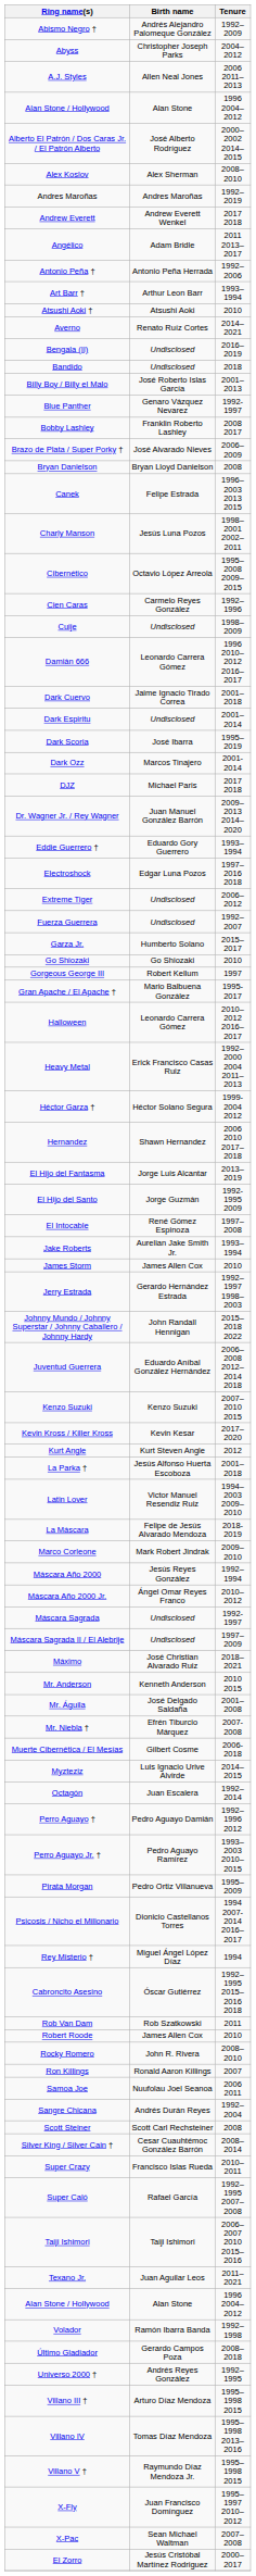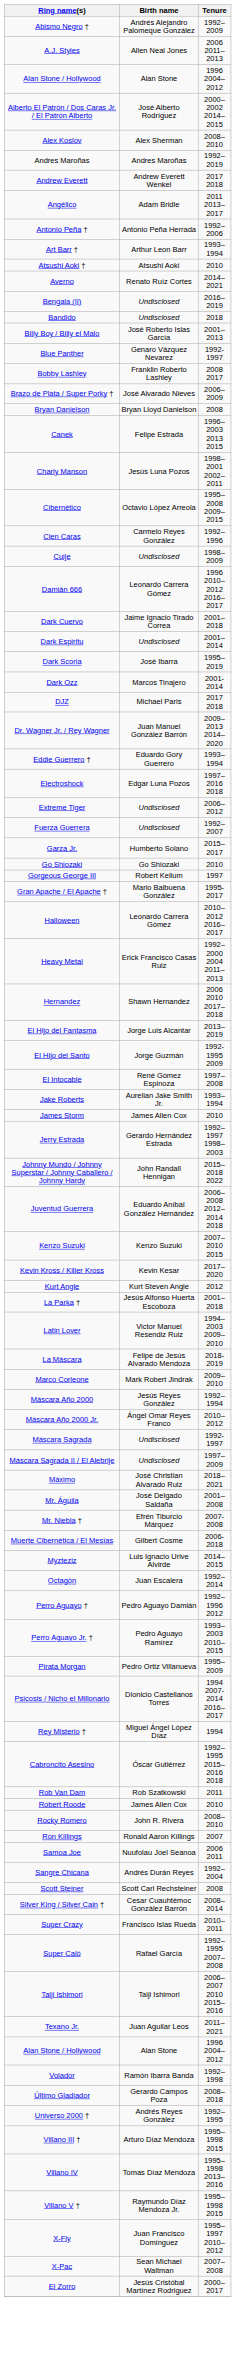 <table class="sortable wikitable" style="font-size:90%; text-align:center; width:70%;">
 <tr>
 <th><a href='#'>Ring name</a>(s)</th>
 <th>Birth name</th>
 <th>Tenure</th>
 </tr>
 <tr>
 <td><a href='#'>Abismo Negro</a> †</td>
 <td>Andrés Alejandro Palomeque González</td>
 <td>1992–2009</td>
-</tr>
-<tr>
-<td><a href='#'>Abyss</a></td>
-<td>Christopher Joseph Parks</td>
-<td>2004–2012</td>
 </tr>
 <tr>
 <td><a href='#'>A.J. Styles</a></td>
 <td>Allen Neal Jones</td>
 <td>2006<br>2011–2013</td>
 </tr>
 <tr>
 <td><a href='#'>Alan Stone / Hollywood</a></td>
 <td>Alan Stone</td>
 <td>1996<br>2004–2012</td>
 </tr>
 <tr>
 <td><a href='#'>Alberto El Patrón / Dos Caras Jr. / El Patrón Alberto</a></td>
 <td>José Alberto Rodríguez</td>
 <td>2000–2002<br>2014–2015</td>
 </tr>
 <tr>
 <td><a href='#'>Alex Koslov</a></td>
 <td>Alex Sherman</td>
 <td>2008–2010</td>
 </tr>
 <tr>
 <td>Andres Maroñas</td>
 <td>Andres Maroñas</td>
 <td>1992–2019</td>
 </tr>
 <tr>
 <td><a href='#'>Andrew Everett</a></td>
 <td>Andrew Everett Wenkel</td>
 <td>2017<br>2018</td>
 </tr>
 <tr>
 <td><a href='#'>Angélico</a></td>
 <td>Adam Bridle</td>
 <td>2011<br>2013–2017</td>
 </tr>
 <tr>
 <td><a href='#'>Antonio Peña</a> †</td>
 <td>Antonio Peña Herrada</td>
 <td>1992–2006</td>
 </tr>
 <tr>
 <td><a href='#'>Art Barr</a> †</td>
 <td>Arthur Leon Barr</td>
 <td>1993–1994</td>
 </tr>
 <tr>
 <td><a href='#'>Atsushi Aoki</a> †</td>
 <td>Atsushi Aoki</td>
 <td>2010</td>
 </tr>
 <tr>
 <td><a href='#'>Averno</a></td>
 <td>Renato Ruíz Cortes</td>
 <td>2014–2021</td>
 </tr>
 <tr>
 <td><a href='#'>Bengala (II)</a></td>
 <td><em>Undisclosed</em></td>
 <td>2016–2019</td>
 </tr>
 <tr>
 <td><a href='#'>Bandido</a></td>
 <td><em>Undisclosed</em></td>
 <td>2018</td>
 </tr>
 <tr>
 <td><a href='#'>Billy Boy / Billy el Malo</a></td>
 <td>José Roberto Islas García</td>
 <td>2001–2013</td>
 </tr>
 <tr>
 <td><a href='#'>Blue Panther</a></td>
 <td>Genaro Vázquez Nevarez</td>
 <td>1992-1997</td>
 </tr>
 <tr>
 <td><a href='#'>Bobby Lashley</a></td>
 <td>Franklin Roberto Lashley</td>
 <td>2008<br>2017</td>
 </tr>
 <tr>
 <td><a href='#'>Brazo de Plata / Super Porky</a> †</td>
 <td>José Alvarado Nieves</td>
 <td>2006–2009</td>
 </tr>
 <tr>
 <td><a href='#'>Bryan Danielson</a></td>
 <td>Bryan Lloyd Danielson</td>
 <td>2008</td>
 </tr>
 <tr>
 <td><a href='#'>Canek</a></td>
 <td>Felipe Estrada</td>
 <td>1996–2003<br>2013<br>2015</td>
 </tr>
 <tr>
 <td><a href='#'>Charly Manson</a></td>
 <td>Jesús Luna Pozos</td>
 <td>1998–2001<br>2002–2011</td>
 </tr>
 <tr>
 <td><a href='#'>Cibernético</a></td>
 <td>Octavio López Arreola</td>
 <td>1995–2008<br>2009–2015</td>
 </tr>
 <tr>
 <td><a href='#'>Cien Caras</a></td>
 <td>Carmelo Reyes González</td>
 <td>1992–1996</td>
 </tr>
 <tr>
 <td><a href='#'>Cuije</a></td>
 <td><em>Undisclosed</em></td>
 <td>1998–2009</td>
 </tr>
 <tr>
 <td><a href='#'>Damián 666</a></td>
 <td>Leonardo Carrera Gómez</td>
 <td>1996<br>2010–2012<br>2016–2017</td>
 </tr>
 <tr>
 <td><a href='#'>Dark Cuervo</a></td>
 <td>Jaime Ignacio Tirado Correa</td>
 <td>2001–2018</td>
 </tr>
 <tr>
 <td><a href='#'>Dark Espiritu</a></td>
 <td><em>Undisclosed</em></td>
 <td>2001–2014</td>
 </tr>
 <tr>
 <td><a href='#'>Dark Scoria</a></td>
 <td>José Ibarra</td>
 <td>1995–2019</td>
 </tr>
 <tr>
 <td><a href='#'>Dark Ozz</a></td>
 <td>Marcos Tinajero</td>
 <td>2001-2014</td>
 </tr>
 <tr>
 <td><a href='#'>DJZ</a></td>
 <td>Michael Paris</td>
 <td>2017<br>2018</td>
 </tr>
 <tr>
 <td><a href='#'>Dr. Wagner Jr. / Rey Wagner</a></td>
 <td>Juan Manuel González Barrón</td>
 <td>2009–2013<br>2014–2020</td>
 </tr>
 <tr>
 <td><a href='#'>Eddie Guerrero</a> †</td>
 <td>Eduardo Gory Guerrero</td>
 <td>1993–1994</td>
 </tr>
 <tr>
 <td><a href='#'>Electroshock</a></td>
 <td>Edgar Luna Pozos</td>
 <td>1997–2016<br>2018</td>
 </tr>
 <tr>
 <td><a href='#'>Extreme Tiger</a></td>
 <td><em>Undisclosed</em></td>
 <td>2006–2012</td>
 </tr>
 <tr>
 <td><a href='#'>Fuerza Guerrera</a></td>
 <td><em>Undisclosed</em></td>
 <td>1992–2007</td>
 </tr>
 <tr>
 <td><a href='#'>Garza Jr.</a></td>
 <td>Humberto Solano</td>
 <td>2015–2017</td>
 </tr>
 <tr>
 <td><a href='#'>Go Shiozaki</a></td>
 <td>Go Shiozaki</td>
 <td>2010</td>
 </tr>
 <tr>
 <td><a href='#'>Gorgeous George III</a></td>
 <td>Robert Kellum</td>
 <td>1997</td>
 </tr>
 <tr>
 <td><a href='#'>Gran Apache / El Apache</a> †</td>
 <td>Mario Balbuena González</td>
 <td>1995-2017</td>
 </tr>
 <tr>
 <td><a href='#'>Halloween</a></td>
 <td>Leonardo Carrera Gómez</td>
 <td>2010–2012<br>2016–2017</td>
 </tr>
 <tr>
 <td><a href='#'>Heavy Metal</a></td>
 <td>Erick Francisco Casas Ruiz</td>
 <td>1992–2000<br>2004<br>2011–2013</td>
 </tr>
 <tr>
-<td><a href='#'>Héctor Garza</a> †</td>
-<td>Héctor Solano Segura</td>
-<td>1999-2004<br>2012</td>
-</tr>
-<tr>
 <td><a href='#'>Hernandez</a></td>
 <td>Shawn Hernandez</td>
 <td>2006<br>2010<br>2017–2018</td>
 </tr>
 <tr>
 <td><a href='#'>El Hijo del Fantasma</a></td>
 <td>Jorge Luis Alcantar</td>
 <td>2013–2019</td>
 </tr>
 <tr>
 <td><a href='#'>El Hijo del Santo</a></td>
 <td>Jorge Guzmán</td>
 <td>1992-1995<br>2009</td>
 </tr>
 <tr>
 <td><a href='#'>El Intocable</a></td>
 <td>René Gómez Espinoza</td>
 <td>1997–2008</td>
 </tr>
 <tr>
 <td><a href='#'>Jake Roberts</a></td>
 <td>Aurelian Jake Smith Jr.</td>
 <td>1993–1994</td>
 </tr>
 <tr>
 <td><a href='#'>James Storm</a></td>
 <td>James Allen Cox</td>
 <td>2010</td>
 </tr>
 <tr>
 <td><a href='#'>Jerry Estrada</a></td>
 <td>Gerardo Hernández Estrada</td>
 <td>1992–1997<br>1998–2003</td>
 </tr>
 <tr>
 <td><a href='#'>Johnny Mundo / Johnny Superstar / Johnny Caballero / Johnny Hardy</a></td>
 <td>John Randall Hennigan</td>
 <td>2015–2018<br>2022</td>
 </tr>
 <tr>
 <td><a href='#'>Juventud Guerrera</a></td>
 <td>Eduardo Aníbal González Hernández</td>
 <td>2006–2008<br>2012–2014<br>2018</td>
 </tr>
 <tr>
 <td><a href='#'>Kenzo Suzuki</a></td>
 <td>Kenzo Suzuki</td>
 <td>2007–2010<br>2015</td>
 </tr>
 <tr>
 <td><a href='#'>Kevin Kross / Killer Kross</a></td>
 <td>Kevin Kesar</td>
 <td>2017–2020</td>
 </tr>
 <tr>
 <td><a href='#'>Kurt Angle</a></td>
 <td>Kurt Steven Angle</td>
 <td>2012</td>
 </tr>
 <tr>
 <td><a href='#'>La Parka</a> †</td>
 <td>Jesús Alfonso Huerta Escoboza</td>
 <td>2001–2018</td>
 </tr>
 <tr>
 <td><a href='#'>Latin Lover</a></td>
 <td>Victor Manuel Resendiz Ruiz</td>
 <td>1994–2003<br>2009–2010</td>
 </tr>
 <tr>
 <td><a href='#'>La Máscara</a></td>
 <td>Felipe de Jesús Alvarado Mendoza</td>
 <td>2018-2019</td>
 </tr>
 <tr>
 <td><a href='#'>Marco Corleone</a></td>
 <td>Mark Robert Jindrak</td>
 <td>2009–2010</td>
 </tr>
 <tr>
 <td><a href='#'>Máscara Año 2000</a></td>
 <td>Jesús Reyes González</td>
 <td>1992–1994</td>
 </tr>
 <tr>
 <td><a href='#'>Máscara Año 2000 Jr.</a></td>
 <td>Ángel Omar Reyes Franco</td>
 <td>2010–2012</td>
 </tr>
 <tr>
 <td><a href='#'>Máscara Sagrada</a></td>
 <td><em>Undisclosed</em></td>
 <td>1992-1997</td>
 </tr>
 <tr>
 <td><a href='#'>Máscara Sagrada II / El Alebrije</a></td>
 <td><em>Undisclosed</em></td>
 <td>1997–2009</td>
 </tr>
 <tr>
 <td><a href='#'>Máximo</a></td>
 <td>José Christian Alvarado Ruiz</td>
 <td>2018–2021</td>
-</tr>
-<tr>
-<td><a href='#'>Mr. Anderson</a></td>
-<td>Kenneth Anderson</td>
-<td>2010<br>2015</td>
 </tr>
 <tr>
 <td><a href='#'>Mr. Águila</a></td>
 <td>José Delgado Saldaña</td>
 <td>2001–2008</td>
 </tr>
 <tr>
 <td><a href='#'>Mr. Niebla</a> †</td>
 <td>Efrén Tiburcio Márquez</td>
 <td>2007-2008</td>
 </tr>
 <tr>
 <td><a href='#'>Muerte Cibernética / El Mesías</a></td>
 <td>Gilbert Cosme</td>
 <td>2006-2018</td>
 </tr>
 <tr>
 <td><a href='#'>Myzteziz</a></td>
 <td>Luis Ignacio Urive Alvirde</td>
 <td>2014–2015</td>
 </tr>
 <tr>
 <td><a href='#'>Octagón</a></td>
 <td>Juan Escalera</td>
 <td>1992–2014</td>
 </tr>
 <tr>
 <td><a href='#'>Perro Aguayo</a> †</td>
 <td>Pedro Aguayo Damián</td>
 <td>1992–1996<br>2012</td>
 </tr>
 <tr>
 <td><a href='#'>Perro Aguayo Jr.</a> †</td>
 <td>Pedro Aguayo Ramírez</td>
 <td>1993–2003<br>2010–2015</td>
 </tr>
 <tr>
 <td><a href='#'>Pirata Morgan</a></td>
 <td>Pedro Ortiz Villanueva</td>
 <td>1995–2009</td>
 </tr>
 <tr>
 <td><a href='#'>Psicosis / Nicho el Millonario</a></td>
 <td>Dionicio Castellanos Torres</td>
 <td>1994<br>2007-2014<br>2016–2017</td>
 </tr>
 <tr>
 <td><a href='#'>Rey Misterio</a> †</td>
 <td>Miguel Ángel López Díaz</td>
 <td>1994</td>
 </tr>
 <tr>
 <td><a href='#'>Cabroncito Asesino</a></td>
 <td>Óscar Gutiérrez</td>
 <td>1992–1995<br>2015–2016<br>2018</td>
 </tr>
 <tr>
 <td><a href='#'>Rob Van Dam</a></td>
 <td>Rob Szatkowski</td>
 <td>2011</td>
 </tr>
 <tr>
 <td><a href='#'>Robert Roode</a></td>
 <td>James Allen Cox</td>
 <td>2010</td>
 </tr>
 <tr>
 <td><a href='#'>Rocky Romero</a></td>
 <td>John R. Rivera</td>
 <td>2008–2010</td>
 </tr>
 <tr>
 <td><a href='#'>Ron Killings</a></td>
 <td>Ronald Aaron Killings</td>
 <td>2007</td>
 </tr>
 <tr>
 <td><a href='#'>Samoa Joe</a></td>
 <td>Nuufolau Joel Seanoa</td>
 <td>2006<br>2011</td>
 </tr>
 <tr>
 <td><a href='#'>Sangre Chicana</a></td>
 <td>Andrés Durán Reyes</td>
 <td>1992–2004</td>
 </tr>
 <tr>
 <td><a href='#'>Scott Steiner</a></td>
 <td>Scott Carl Rechsteiner</td>
 <td>2008</td>
 </tr>
 <tr>
 <td><a href='#'>Silver King / Silver Cain</a> †</td>
 <td>Cesar Cuauhtémoc González Barrón</td>
 <td>2008–2014</td>
 </tr>
 <tr>
 <td><a href='#'>Super Crazy</a></td>
 <td>Francisco Islas Rueda</td>
 <td>2010–2011</td>
 </tr>
 <tr>
 <td><a href='#'>Super Caló</a></td>
 <td>Rafael García</td>
 <td>1992–1995<br>2007–2008</td>
 </tr>
 <tr>
 <td><a href='#'>Taiji Ishimori</a></td>
 <td>Taiji Ishimori</td>
 <td>2006–2007<br>2010<br>2015–2016</td>
 </tr>
 <tr>
 <td><a href='#'>Texano Jr.</a></td>
 <td>Juan Aguilar Leos</td>
 <td>2011–2021</td>
 </tr>
 <tr>
 <td><a href='#'>Alan Stone / Hollywood</a></td>
 <td>Alan Stone</td>
 <td>1996<br>2004–2012</td>
 </tr>
 <tr>
 <td><a href='#'>Volador</a></td>
 <td>Ramón Ibarra Banda</td>
 <td>1992–1998</td>
 </tr>
 <tr>
 <td><a href='#'>Último Gladiador</a></td>
 <td>Gerardo Campos Poza</td>
 <td>2008–2018</td>
 </tr>
 <tr>
 <td><a href='#'>Universo 2000</a> †</td>
 <td>Andrés Reyes González</td>
 <td>1992–1995</td>
 </tr>
 <tr>
 <td><a href='#'>Villano III</a> †</td>
 <td>Arturo Díaz Mendoza</td>
 <td>1995–1998<br>2015</td>
 </tr>
 <tr>
 <td><a href='#'>Villano IV</a></td>
 <td>Tomas Díaz Mendoza</td>
 <td>1995–1998<br>2013–2016</td>
 </tr>
 <tr>
 <td><a href='#'>Villano V</a> †</td>
 <td>Raymundo Díaz Mendoza Jr.</td>
 <td>1995–1998<br>2015</td>
 </tr>
 <tr>
 <td><a href='#'>X-Fly</a></td>
 <td>Juan Francisco Domínguez</td>
 <td>1995–1997<br>2010–2012</td>
 </tr>
 <tr>
 <td><a href='#'>X-Pac</a></td>
 <td>Sean Michael Waltman</td>
 <td>2007–2008</td>
 </tr>
 <tr>
 <td><a href='#'>El Zorro</a></td>
 <td>Jesús Cristóbal Martínez Rodriguez</td>
 <td>2000–2017</td>
 </tr>
 <tr>
 </tr>
 </table>
